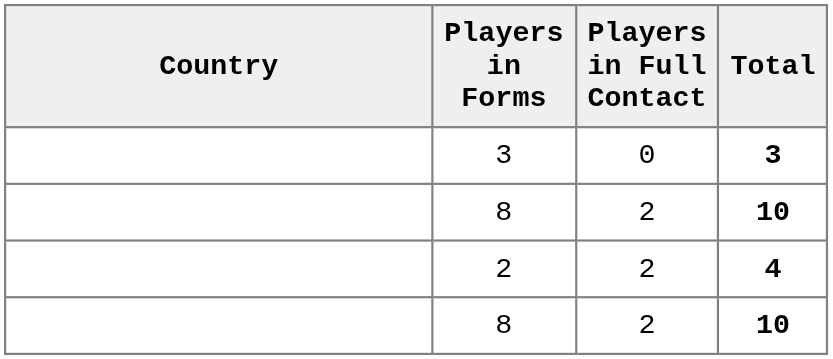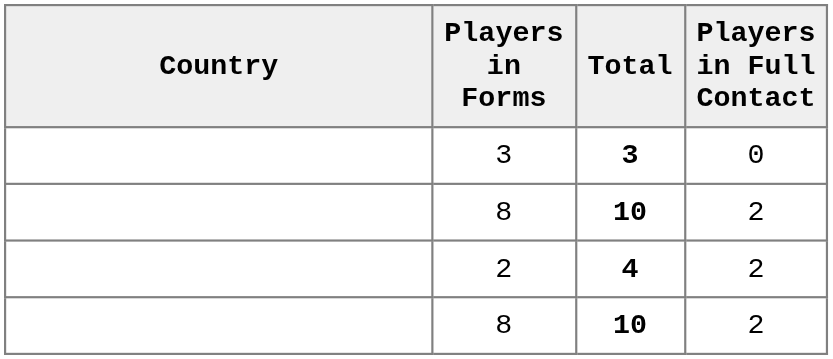 <table style=border-collapse:collapse border=1 cellspacing=0 cellpadding=5>
 <tr align=center bgcolor=#efefef>
 <th width=185>Country</th>
 <th width=20>Players in Forms</th>
+<th width=20>Total</th>
 <th width=20>Players in Full Contact</th>
-<th width=20>Total</th>
 </tr>
 <tr align=center>
 <td align=left></td>
 <td>3</td>
+<td><strong>3</strong></td>
 <td>0</td>
-<td><strong>3</strong></td>
 </tr>
 <tr align=center>
 <td align=left><strong></strong></td>
 <td>8</td>
+<td><strong>10</strong></td>
 <td>2</td>
-<td><strong>10</strong></td>
 </tr>
 <tr align=center>
 <td align=left></td>
 <td>2</td>
+<td><strong>4</strong></td>
 <td>2</td>
-<td><strong>4</strong></td>
 </tr>
 <tr align=center>
 <td align=left></td>
 <td>8</td>
+<td><strong>10</strong></td>
 <td>2</td>
-<td><strong>10</strong></td>
 </tr>
 </table>
